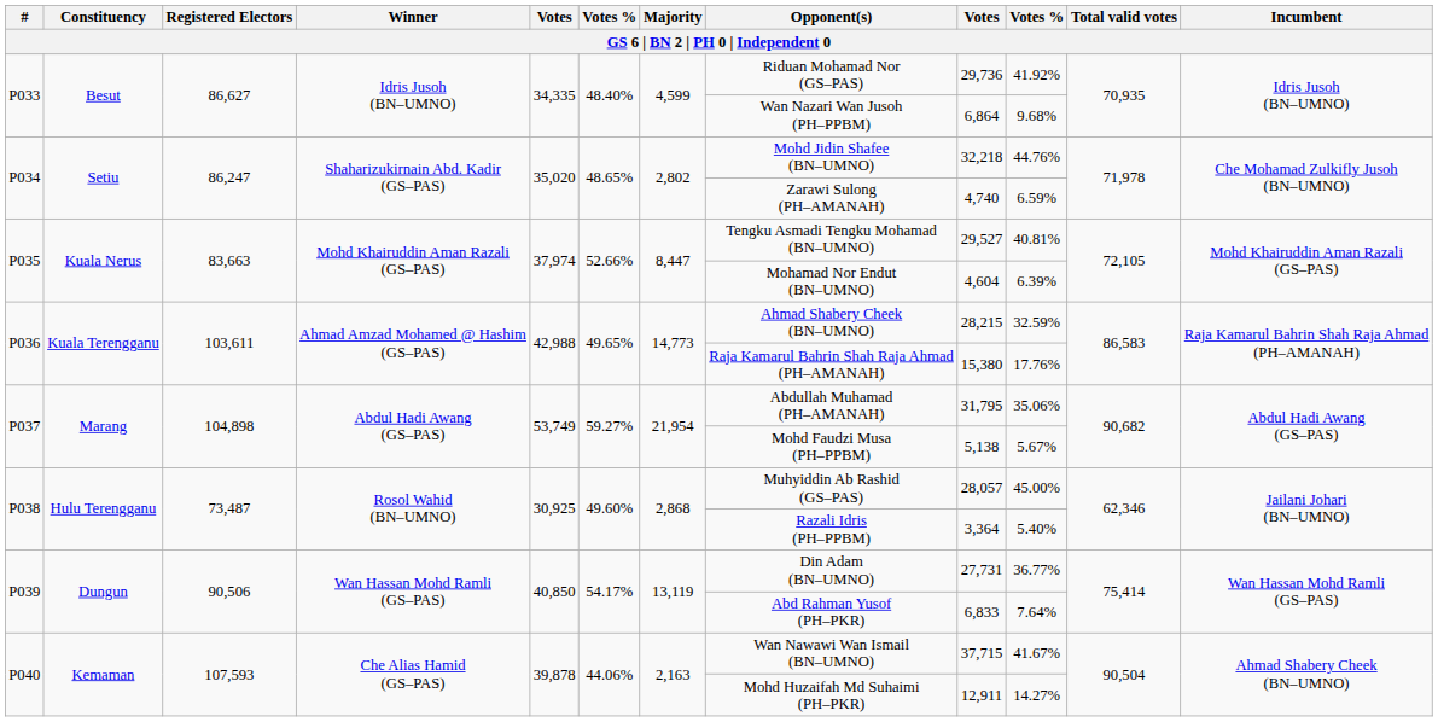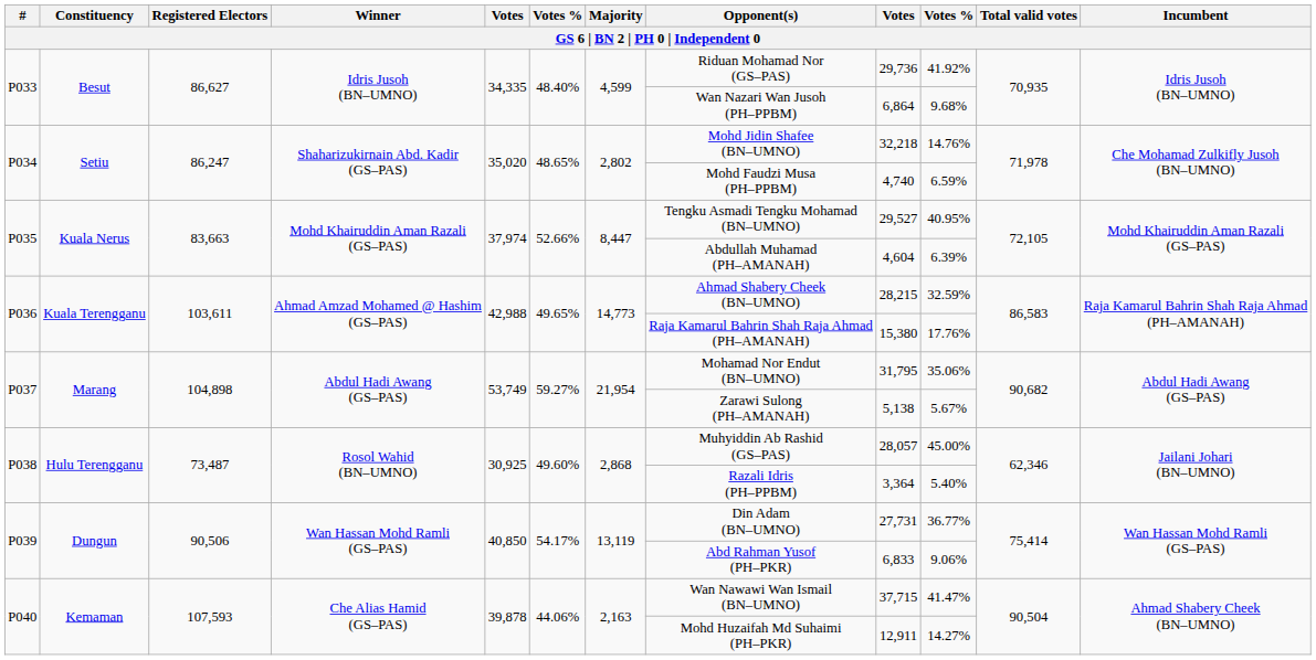 <table class="wikitable sortable" style">
 <tr>
 <th>#</th>
 <th>Constituency</th>
 <th>Registered Electors</th>
 <th>Winner</th>
 <th>Votes</th>
 <th>Votes %</th>
 <th>Majority</th>
 <th>Opponent(s)</th>
 <th>Votes</th>
 <th>Votes %</th>
 <th>Total valid votes</th>
 <th>Incumbent</th>
 </tr>
 <tr>
 <th colspan="13"><a href='#'>GS</a> <strong>6</strong> | <a href='#'>BN</a> <strong>2</strong> | <a href='#'>PH</a> <strong>0</strong> | <a href='#'>Independent</a> <strong>0</strong></th>
 </tr>
 <tr align="center">
 <td rowspan=2>P033</td>
 <td rowspan=2><a href='#'>Besut</a></td>
 <td rowspan=2>86,627</td>
 <td rowspan=2><a href='#'>Idris Jusoh</a><br>(BN–UMNO)</td>
 <td rowspan=2>34,335</td>
 <td rowspan=2>48.40%</td>
 <td rowspan=2>4,599</td>
 <td>Riduan Mohamad Nor<br>(GS–PAS)</td>
 <td>29,736</td>
 <td>41.92%</td>
 <td rowspan=2>70,935</td>
 <td rowspan=2><a href='#'>Idris Jusoh</a><br>(BN–UMNO)</td>
 </tr>
 <tr align="center">
 <td>Wan Nazari Wan Jusoh<br>(PH–PPBM)</td>
 <td>6,864</td>
 <td>9.68%</td>
 </tr>
 <tr align="center">
 <td rowspan=2>P034</td>
 <td rowspan=2><a href='#'>Setiu</a></td>
 <td rowspan=2>86,247</td>
 <td rowspan=2><a href='#'>Shaharizukirnain Abd. Kadir</a><br>(GS–PAS)</td>
 <td rowspan=2>35,020</td>
 <td rowspan=2>48.65%</td>
 <td rowspan=2>2,802</td>
 <td><a href='#'>Mohd Jidin Shafee</a><br>(BN–UMNO)</td>
 <td>32,218</td>
-<td>44.76%</td>
+<td>14.76%</td>
 <td rowspan=2>71,978</td>
 <td rowspan=2><a href='#'>Che Mohamad Zulkifly Jusoh</a><br>(BN–UMNO)</td>
 </tr>
 <tr align="center">
-<td>Zarawi Sulong<br>(PH–AMANAH)</td>
+<td>Mohd Faudzi Musa<br>(PH–PPBM)</td>
 <td>4,740</td>
 <td>6.59%</td>
 </tr>
 <tr align="center">
 <td rowspan=2>P035</td>
 <td rowspan=2><a href='#'>Kuala Nerus</a></td>
 <td rowspan=2>83,663</td>
 <td rowspan=2><a href='#'>Mohd Khairuddin Aman Razali</a><br>(GS–PAS)</td>
 <td rowspan=2>37,974</td>
 <td rowspan=2>52.66%</td>
 <td rowspan=2>8,447</td>
 <td>Tengku Asmadi Tengku Mohamad<br>(BN–UMNO)</td>
 <td>29,527</td>
-<td>40.81%</td>
+<td>40.95%</td>
 <td rowspan=2>72,105</td>
 <td rowspan=2><a href='#'>Mohd Khairuddin Aman Razali</a><br>(GS–PAS)</td>
 </tr>
 <tr align="center">
-<td>Mohamad Nor Endut<br>(BN–UMNO)</td>
+<td>Abdullah Muhamad<br>(PH–AMANAH)</td>
 <td>4,604</td>
 <td>6.39%</td>
 </tr>
 <tr align="center">
 <td rowspan=2>P036</td>
 <td rowspan=2><a href='#'>Kuala Terengganu</a></td>
 <td rowspan=2>103,611</td>
 <td rowspan=2><a href='#'>Ahmad Amzad Mohamed @ Hashim</a><br>(GS–PAS)</td>
 <td rowspan=2>42,988</td>
 <td rowspan=2>49.65%</td>
 <td rowspan=2>14,773</td>
 <td><a href='#'>Ahmad Shabery Cheek</a> <br>(BN–UMNO)</td>
 <td>28,215</td>
 <td>32.59%</td>
 <td rowspan=2>86,583</td>
 <td rowspan=2><a href='#'>Raja Kamarul Bahrin Shah Raja Ahmad</a><br>(PH–AMANAH)</td>
 </tr>
 <tr align="center">
 <td><a href='#'>Raja Kamarul Bahrin Shah Raja Ahmad</a><br>(PH–AMANAH)</td>
 <td>15,380</td>
 <td>17.76%</td>
 </tr>
 <tr align="center">
 <td rowspan=2>P037</td>
 <td rowspan=2><a href='#'>Marang</a></td>
 <td rowspan=2>104,898</td>
 <td rowspan=2><a href='#'>Abdul Hadi Awang</a><br>(GS–PAS)</td>
 <td rowspan=2>53,749</td>
 <td rowspan=2>59.27%</td>
 <td rowspan=2>21,954</td>
-<td>Abdullah Muhamad<br>(PH–AMANAH)</td>
+<td>Mohamad Nor Endut<br>(BN–UMNO)</td>
 <td>31,795</td>
 <td>35.06%</td>
 <td rowspan=2>90,682</td>
 <td rowspan=2><a href='#'>Abdul Hadi Awang</a><br>(GS–PAS)</td>
 </tr>
 <tr align="center">
-<td>Mohd Faudzi Musa<br>(PH–PPBM)</td>
+<td>Zarawi Sulong<br>(PH–AMANAH)</td>
 <td>5,138</td>
 <td>5.67%</td>
 </tr>
 <tr align="center">
 <td rowspan=2>P038</td>
 <td rowspan=2><a href='#'>Hulu Terengganu</a></td>
 <td rowspan=2>73,487</td>
 <td rowspan=2><a href='#'>Rosol Wahid</a><br>(BN–UMNO)</td>
 <td rowspan=2>30,925</td>
 <td rowspan=2>49.60%</td>
 <td rowspan=2>2,868</td>
 <td>Muhyiddin Ab Rashid<br>(GS–PAS)</td>
 <td>28,057</td>
 <td>45.00%</td>
 <td rowspan=2>62,346</td>
 <td rowspan=2><a href='#'>Jailani Johari</a><br>(BN–UMNO)</td>
 </tr>
 <tr align="center">
 <td><a href='#'>Razali Idris</a><br>(PH–PPBM)</td>
 <td>3,364</td>
 <td>5.40%</td>
 </tr>
 <tr align="center">
 <td rowspan=2>P039</td>
 <td rowspan=2><a href='#'>Dungun</a></td>
 <td rowspan=2>90,506</td>
 <td rowspan=2><a href='#'>Wan Hassan Mohd Ramli</a><br>(GS–PAS)</td>
 <td rowspan=2>40,850</td>
 <td rowspan=2>54.17%</td>
 <td rowspan=2>13,119</td>
 <td>Din Adam<br>(BN–UMNO)</td>
 <td>27,731</td>
 <td>36.77%</td>
 <td rowspan=2>75,414</td>
 <td rowspan=2><a href='#'>Wan Hassan Mohd Ramli</a><br>(GS–PAS)</td>
 </tr>
 <tr align="center">
 <td><a href='#'>Abd Rahman Yusof</a><br>(PH–PKR)</td>
 <td>6,833</td>
-<td>7.64%</td>
+<td>9.06%</td>
 </tr>
 <tr align="center">
 <td rowspan=2>P040</td>
 <td rowspan=2><a href='#'>Kemaman</a></td>
 <td rowspan=2>107,593</td>
 <td rowspan=2><a href='#'>Che Alias Hamid</a><br>(GS–PAS)</td>
 <td rowspan=2>39,878</td>
 <td rowspan=2>44.06%</td>
 <td rowspan=2>2,163</td>
 <td>Wan Nawawi Wan Ismail<br>(BN–UMNO)</td>
 <td>37,715</td>
-<td>41.67%</td>
+<td>41.47%</td>
 <td rowspan=2>90,504</td>
 <td rowspan=2><a href='#'>Ahmad Shabery Cheek</a> <br>(BN–UMNO)</td>
 </tr>
 <tr align="center">
 <td>Mohd Huzaifah Md Suhaimi<br>(PH–PKR)</td>
 <td>12,911</td>
 <td>14.27%</td>
 </tr>
 </table>
